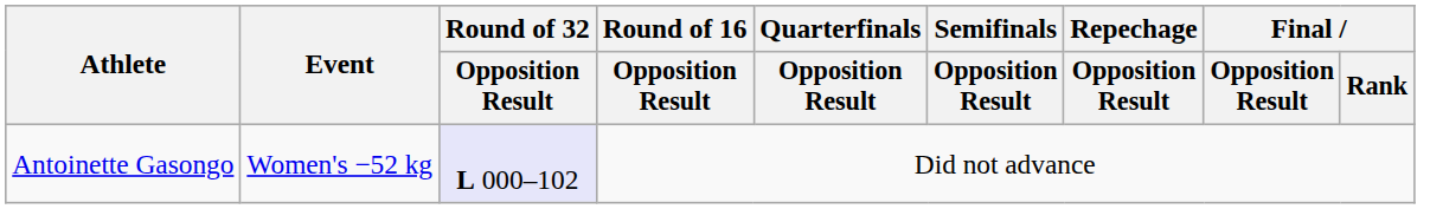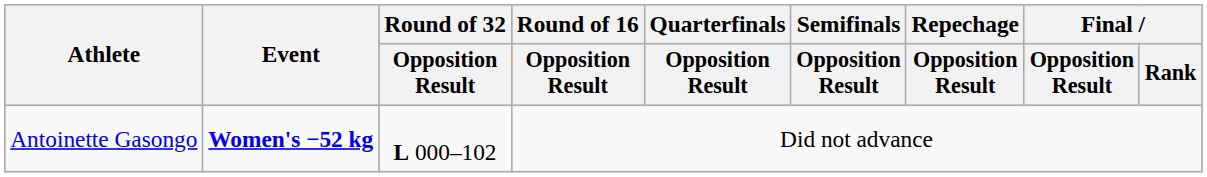 <table class="wikitable" style="font-size:90%">
 <tr>
 <th rowspan=2>Athlete</th>
 <th rowspan=2>Event</th>
 <th>Round of 32</th>
 <th>Round of 16</th>
 <th>Quarterfinals</th>
 <th>Semifinals</th>
 <th>Repechage</th>
 <th colspan=2>Final / </th>
 </tr>
 <tr style="font-size:95%">
 <th>Opposition<br>Result</th>
 <th>Opposition<br>Result</th>
 <th>Opposition<br>Result</th>
 <th>Opposition<br>Result</th>
 <th>Opposition<br>Result</th>
 <th>Opposition<br>Result</th>
 <th>Rank</th>
 </tr>
 <tr align=center>
 <td align=left><a href='#'>Antoinette Gasongo</a></td>
-<td align=left><a href='#'>Women's −52 kg</a></td>
-<td style="background: lavender;"><br><strong>L</strong> 000–102</td>
+<td align=left><strong><a href='#'>Women's −52 kg</a></strong></td>
+<td><br><strong>L</strong> 000–102</td>
 <td colspan=6>Did not advance</td>
 </tr>
 </table>
